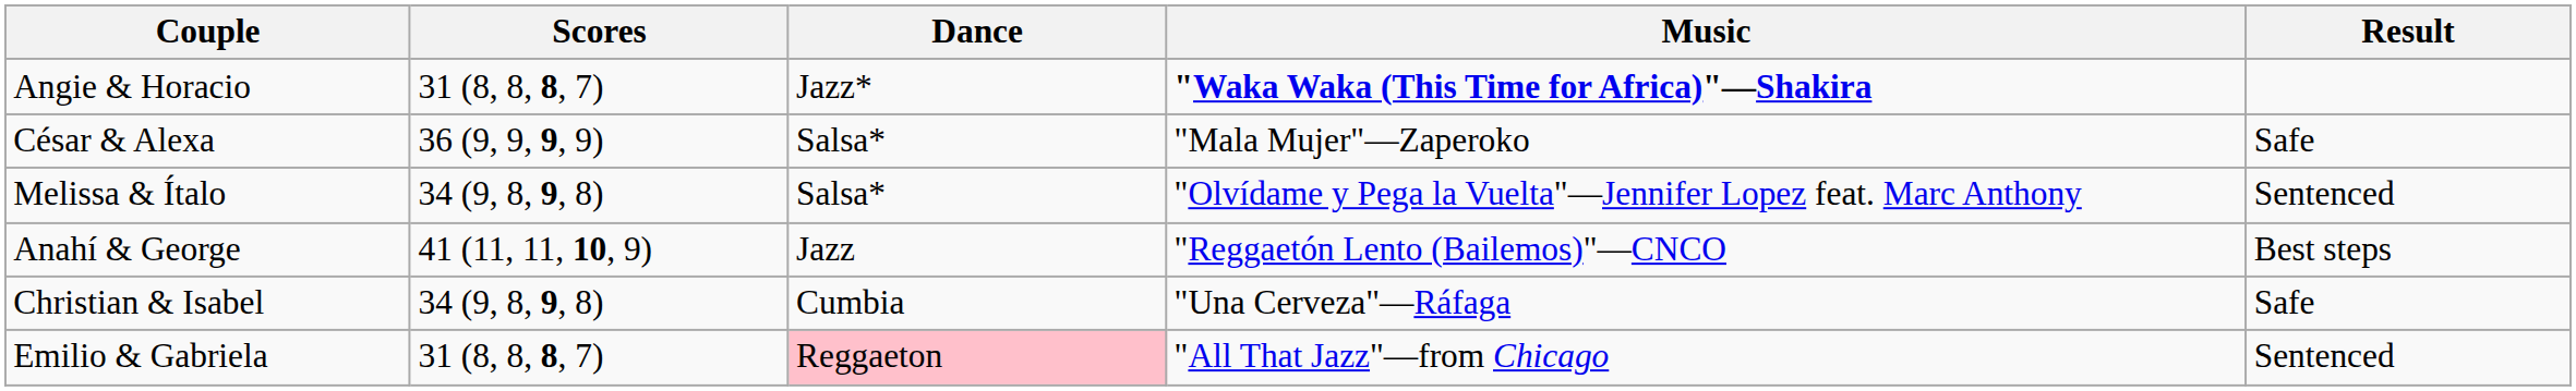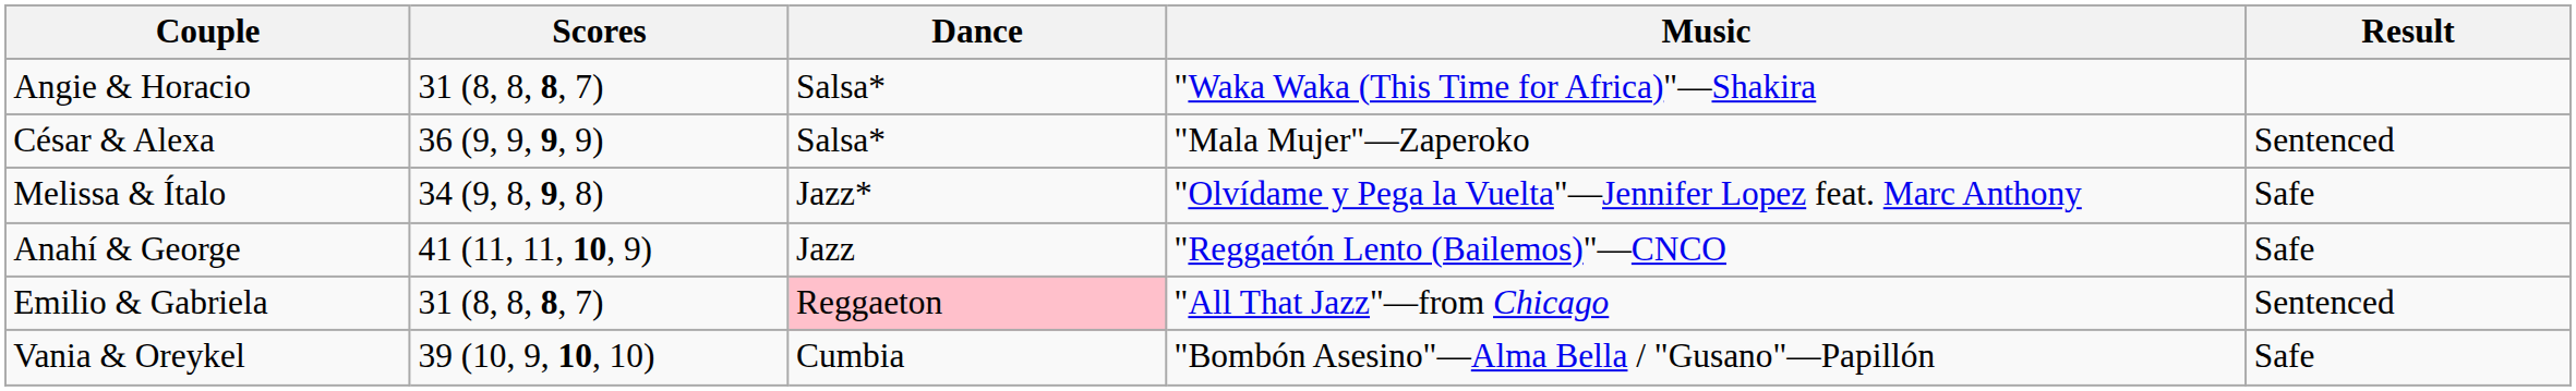 <table class="wikitable sortable" style="width:95%; white-space:nowrap;">
 <tr>
 <th style="width:15%;">Couple</th>
 <th style="width:14%;">Scores</th>
 <th style="width:14%;">Dance</th>
 <th style="width:40%;">Music</th>
 <th style="width:12%;">Result</th>
 </tr>
 <tr>
 <td>Angie & Horacio</td>
 <td>31 (8, 8, <strong>8</strong>, 7)</td>
-<td>Jazz*</td>
-<td><strong>"<a href='#'>Waka Waka (This Time for Africa)</a>"—<a href='#'>Shakira</a></strong></td>
+<td>Salsa*</td>
+<td>"<a href='#'>Waka Waka (This Time for Africa)</a>"—<a href='#'>Shakira</a></td>
 <td></td>
 </tr>
 <tr>
 <td>César & Alexa</td>
 <td>36 (9, 9, <strong>9</strong>, 9)</td>
 <td>Salsa*</td>
 <td>"Mala Mujer"—Zaperoko</td>
-<td>Safe</td>
+<td>Sentenced</td>
 </tr>
 <tr>
 <td>Melissa & Ítalo</td>
 <td>34 (9, 8, <strong>9</strong>, 8)</td>
-<td>Salsa*</td>
+<td>Jazz*</td>
 <td>"<a href='#'>Olvídame y Pega la Vuelta</a>"—<a href='#'>Jennifer Lopez</a> feat. <a href='#'>Marc Anthony</a></td>
-<td>Sentenced</td>
+<td>Safe</td>
 </tr>
 <tr>
 <td>Anahí & George</td>
 <td>41 (11, 11, <strong>10</strong>, 9)</td>
 <td>Jazz</td>
 <td>"<a href='#'>Reggaetón Lento (Bailemos)</a>"—<a href='#'>CNCO</a></td>
-<td>Best steps</td>
-</tr>
-<tr>
-<td>Christian & Isabel</td>
-<td>34 (9, 8, <strong>9</strong>, 8)</td>
-<td>Cumbia</td>
-<td>"Una Cerveza"—<a href='#'>Ráfaga</a></td>
 <td>Safe</td>
 </tr>
 <tr>
 <td>Emilio & Gabriela</td>
 <td>31 (8, 8, <strong>8</strong>, 7)</td>
 <td style="background: pink;">Reggaeton</td>
 <td>"<a href='#'>All That Jazz</a>"—from <em><a href='#'>Chicago</a></em></td>
 <td>Sentenced</td>
 </tr>
+<tr>
+<td>Vania & Oreykel</td>
+<td>39 (10, 9, <strong>10</strong>, 10)</td>
+<td>Cumbia</td>
+<td>"Bombón Asesino"—<a href='#'>Alma Bella</a> / "Gusano"—Papillón</td>
+<td>Safe</td>
+</tr>
 </table>
